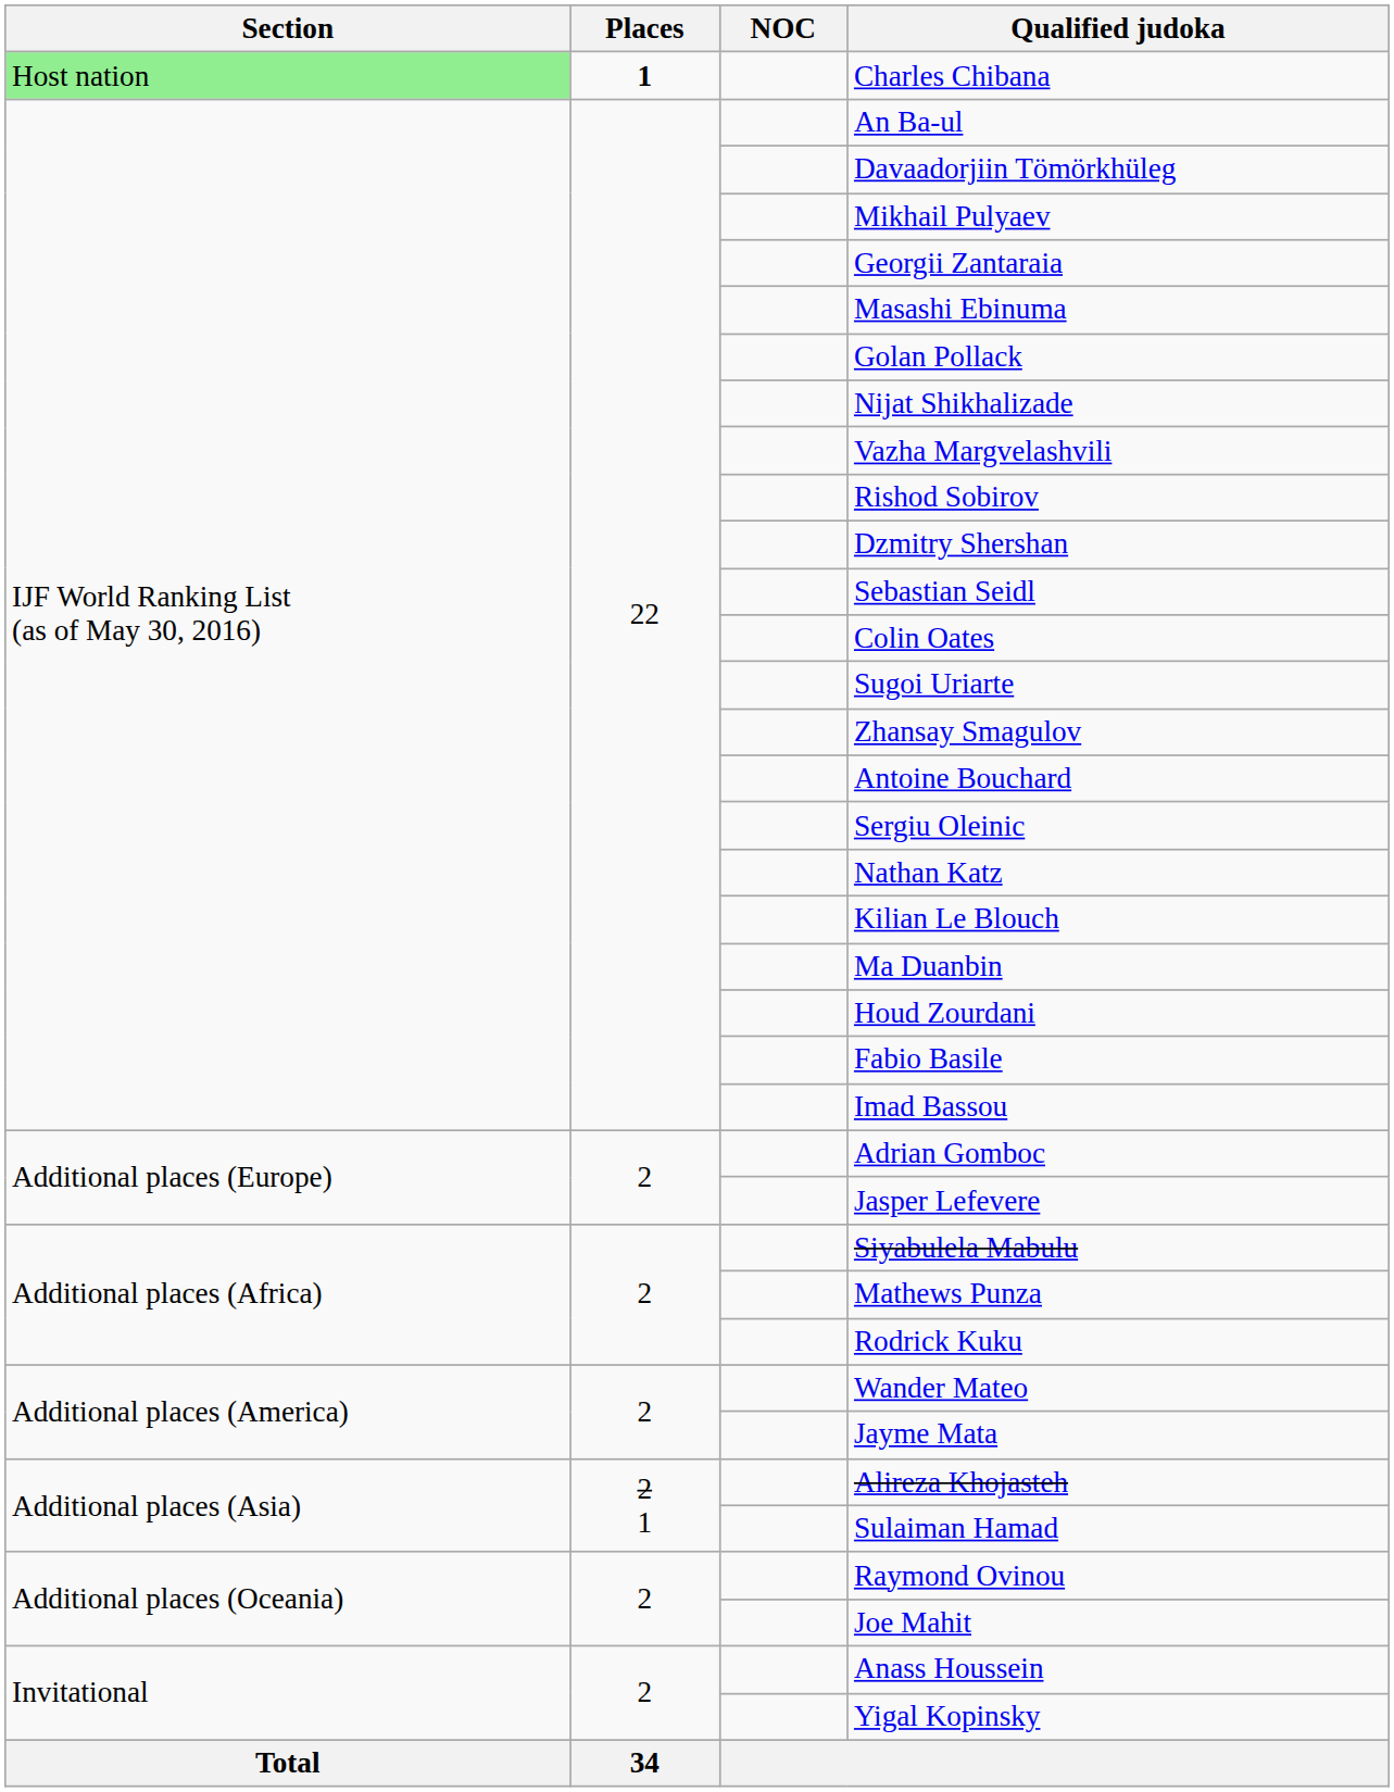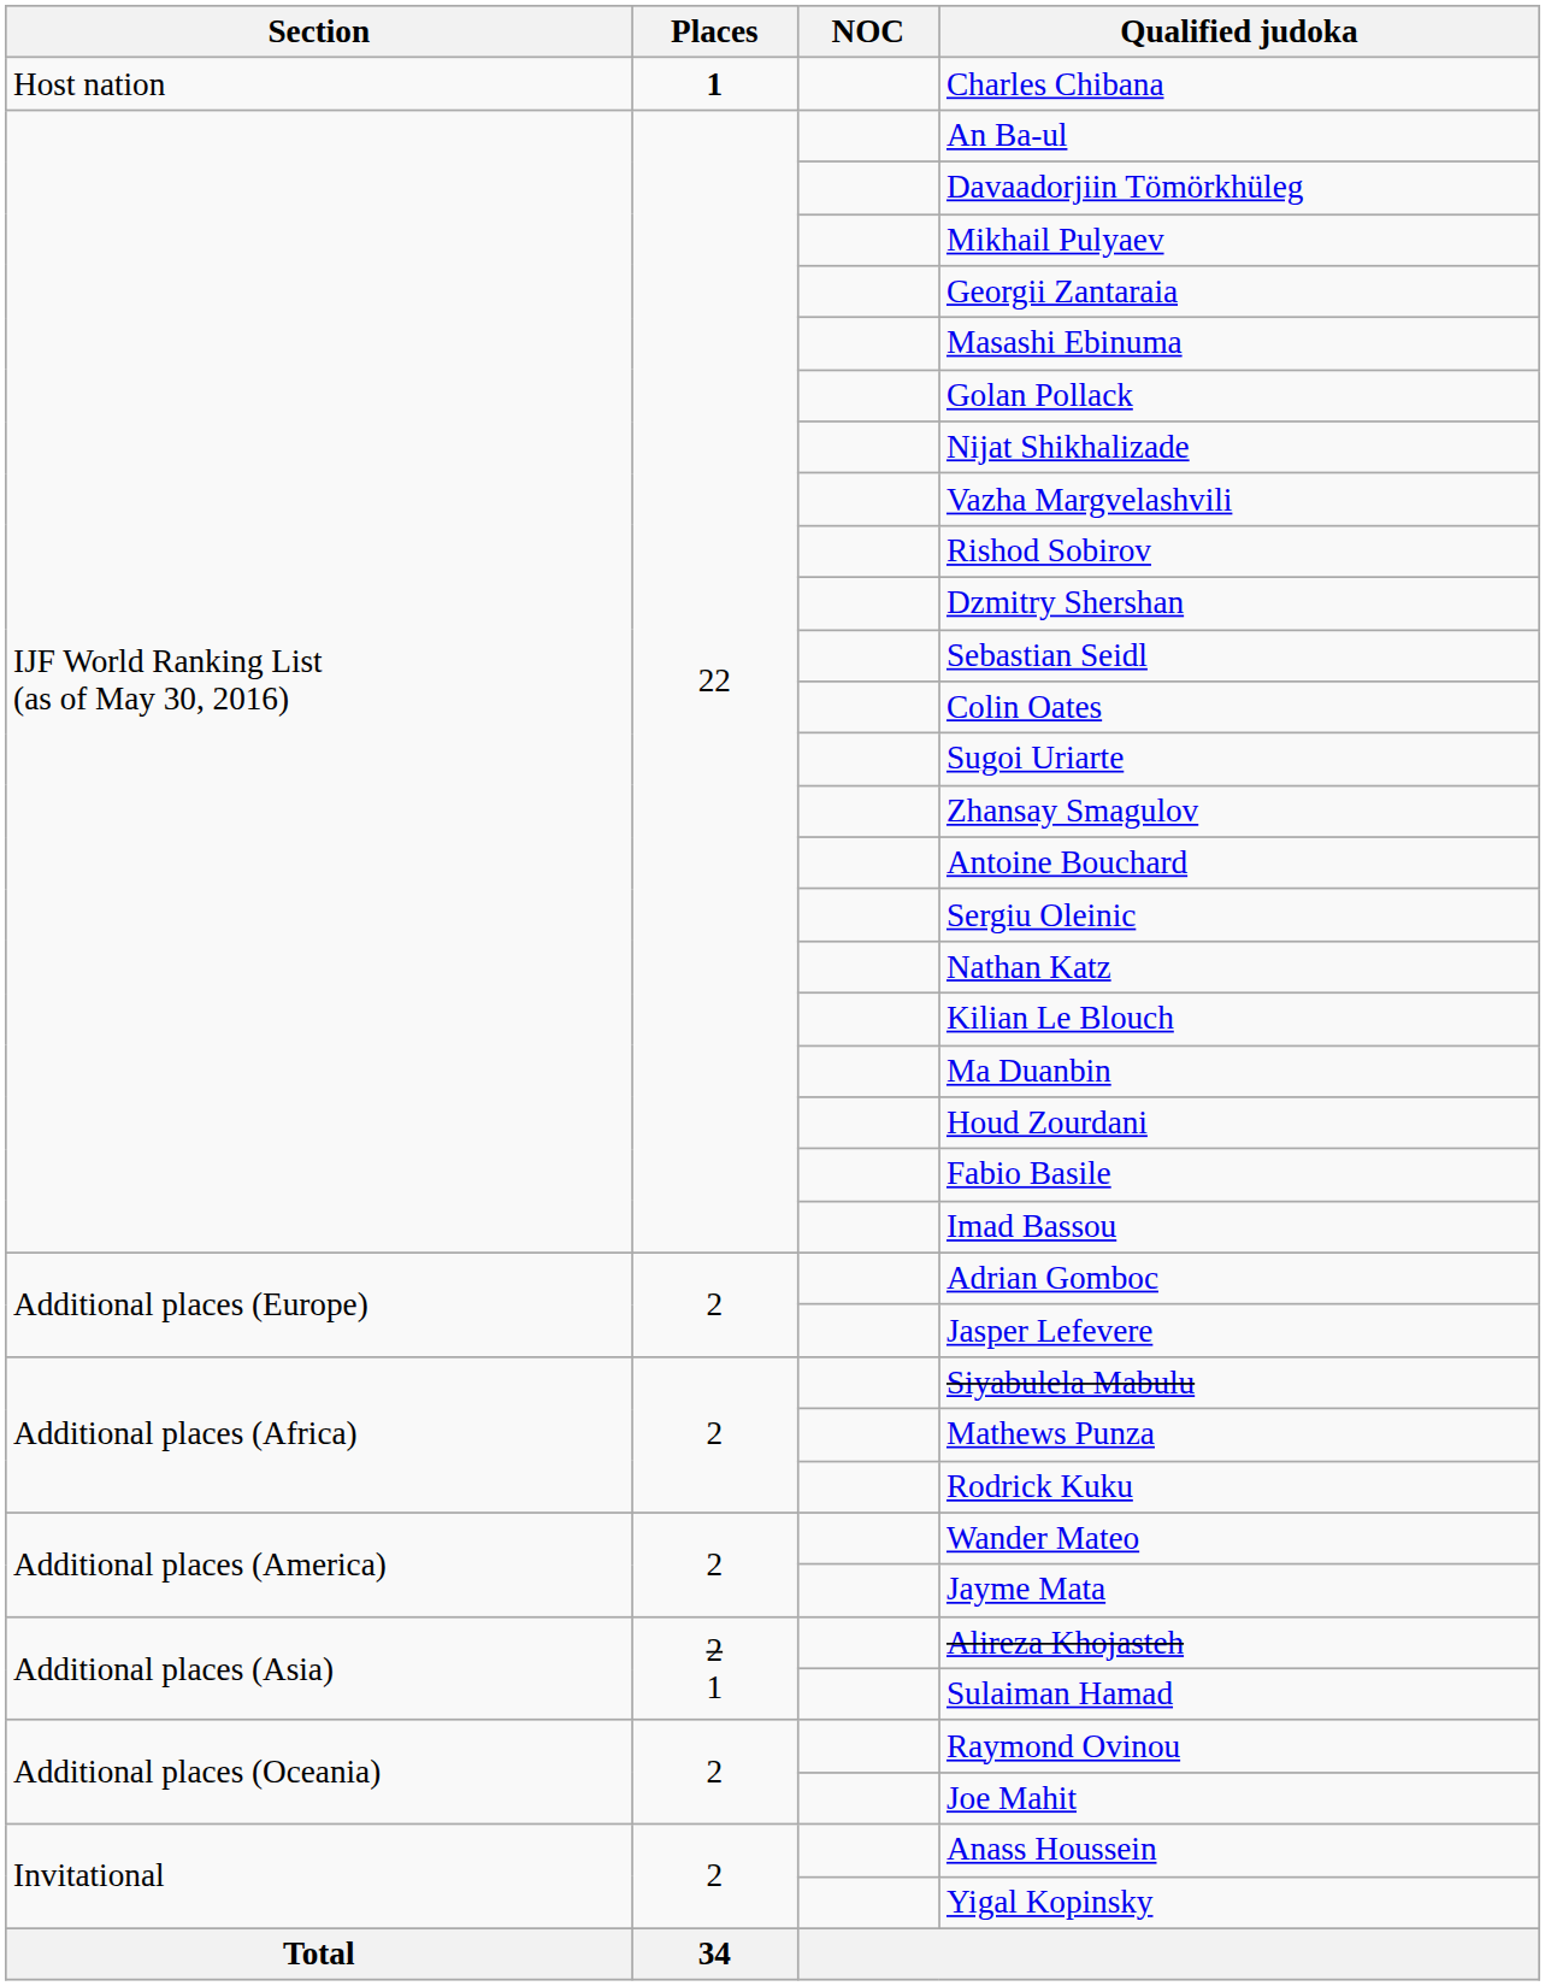 <table class="wikitable"  width=750>
 <tr>
 <th>Section</th>
 <th>Places</th>
 <th>NOC</th>
 <th>Qualified judoka</th>
 </tr>
 <tr>
-<td style="background: lightgreen;">Host nation</td>
+<td>Host nation</td>
 <td align=center><strong>1</strong></td>
 <td></td>
 <td><a href='#'>Charles Chibana</a></td>
 </tr>
 <tr>
 <td rowspan=22>IJF World Ranking List<br>(as of May 30, 2016)</td>
 <td rowspan=22 align=center>22</td>
 <td></td>
 <td><a href='#'>An Ba-ul</a></td>
 </tr>
 <tr>
 <td></td>
 <td><a href='#'>Davaadorjiin Tömörkhüleg</a></td>
 </tr>
 <tr>
 <td></td>
 <td><a href='#'>Mikhail Pulyaev</a></td>
 </tr>
 <tr>
 <td></td>
 <td><a href='#'>Georgii Zantaraia</a></td>
 </tr>
 <tr>
 <td></td>
 <td><a href='#'>Masashi Ebinuma</a></td>
 </tr>
 <tr>
 <td></td>
 <td><a href='#'>Golan Pollack</a></td>
 </tr>
 <tr>
 <td></td>
 <td><a href='#'>Nijat Shikhalizade</a></td>
 </tr>
 <tr>
 <td></td>
 <td><a href='#'>Vazha Margvelashvili</a></td>
 </tr>
 <tr>
 <td></td>
 <td><a href='#'>Rishod Sobirov</a></td>
 </tr>
 <tr>
 <td></td>
 <td><a href='#'>Dzmitry Shershan</a></td>
 </tr>
 <tr>
 <td></td>
 <td><a href='#'>Sebastian Seidl</a></td>
 </tr>
 <tr>
 <td></td>
 <td><a href='#'>Colin Oates</a></td>
 </tr>
 <tr>
 <td></td>
 <td><a href='#'>Sugoi Uriarte</a></td>
 </tr>
 <tr>
 <td></td>
 <td><a href='#'>Zhansay Smagulov</a></td>
 </tr>
 <tr>
 <td></td>
 <td><a href='#'>Antoine Bouchard</a></td>
 </tr>
 <tr>
 <td></td>
 <td><a href='#'>Sergiu Oleinic</a></td>
 </tr>
 <tr>
 <td></td>
 <td><a href='#'>Nathan Katz</a></td>
 </tr>
 <tr>
 <td></td>
 <td><a href='#'>Kilian Le Blouch</a></td>
 </tr>
 <tr>
 <td></td>
 <td><a href='#'>Ma Duanbin</a></td>
 </tr>
 <tr>
 <td></td>
 <td><a href='#'>Houd Zourdani</a></td>
 </tr>
 <tr>
 <td></td>
 <td><a href='#'>Fabio Basile</a></td>
 </tr>
 <tr>
 <td></td>
 <td><a href='#'>Imad Bassou</a></td>
 </tr>
 <tr>
 <td rowspan=2>Additional places (Europe)</td>
 <td rowspan=2 align=center>2</td>
 <td></td>
 <td><a href='#'>Adrian Gomboc</a></td>
 </tr>
 <tr>
 <td></td>
 <td><a href='#'>Jasper Lefevere</a></td>
 </tr>
 <tr>
 <td rowspan=3>Additional places (Africa)</td>
 <td rowspan=3 align=center>2</td>
 <td><s></s></td>
 <td><s><a href='#'>Siyabulela Mabulu</a></s></td>
 </tr>
 <tr>
 <td></td>
 <td><a href='#'>Mathews Punza</a></td>
 </tr>
 <tr>
 <td></td>
 <td><a href='#'>Rodrick Kuku</a></td>
 </tr>
 <tr>
 <td rowspan=2>Additional places (America)</td>
 <td rowspan=2 align=center>2</td>
 <td></td>
 <td><a href='#'>Wander Mateo</a></td>
 </tr>
 <tr>
 <td></td>
 <td><a href='#'>Jayme Mata</a></td>
 </tr>
 <tr>
 <td rowspan=2>Additional places (Asia)</td>
 <td rowspan=2 align=center><s>2</s><br>1</td>
 <td><s></s></td>
 <td><s><a href='#'>Alireza Khojasteh</a></s></td>
 </tr>
 <tr>
 <td></td>
 <td><a href='#'>Sulaiman Hamad</a></td>
 </tr>
 <tr>
 <td rowspan=2>Additional places (Oceania)</td>
 <td rowspan=2 align=center>2</td>
 <td></td>
 <td><a href='#'>Raymond Ovinou</a></td>
 </tr>
 <tr>
 <td></td>
 <td><a href='#'>Joe Mahit</a></td>
 </tr>
 <tr>
 <td rowspan=2>Invitational</td>
 <td rowspan=2 align=center>2</td>
 <td></td>
 <td><a href='#'>Anass Houssein</a></td>
 </tr>
 <tr>
 <td></td>
 <td><a href='#'>Yigal Kopinsky</a></td>
 </tr>
 <tr>
 <th>Total</th>
 <th>34</th>
 <th colspan=2></th>
 </tr>
 </table>
